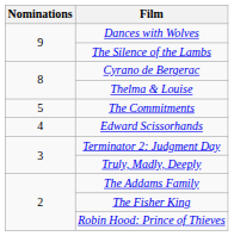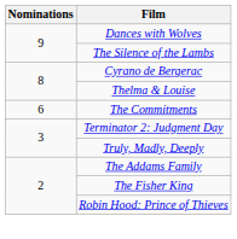 <table class="wikitable" style="text-align:center;">
 <tr>
 <th style="background:">Nominations</th>
 <th style="background:">Film</th>
 </tr>
 <tr>
 <td rowspan="2">9</td>
 <td><em><a href='#'>Dances with Wolves</a></em></td>
 </tr>
 <tr>
 <td><em><a href='#'>The Silence of the Lambs</a></em></td>
 </tr>
 <tr>
 <td rowspan="2">8</td>
 <td><em><a href='#'>Cyrano de Bergerac</a></em></td>
 </tr>
 <tr>
 <td><em><a href='#'>Thelma & Louise</a></em></td>
 </tr>
 <tr>
-<td>5</td>
+<td>6</td>
 <td><em><a href='#'>The Commitments</a></em></td>
-</tr>
-<tr>
-<td>4</td>
-<td><em><a href='#'>Edward Scissorhands</a></em></td>
 </tr>
 <tr>
 <td rowspan="2">3</td>
 <td><em><a href='#'>Terminator 2: Judgment Day</a></em></td>
 </tr>
 <tr>
 <td><em><a href='#'>Truly, Madly, Deeply</a></em></td>
 </tr>
 <tr>
 <td rowspan="3">2</td>
 <td><em><a href='#'>The Addams Family</a></em></td>
 </tr>
 <tr>
 <td><em><a href='#'>The Fisher King</a></em></td>
 </tr>
 <tr>
 <td><em><a href='#'>Robin Hood: Prince of Thieves</a></em></td>
 </tr>
 </table>
